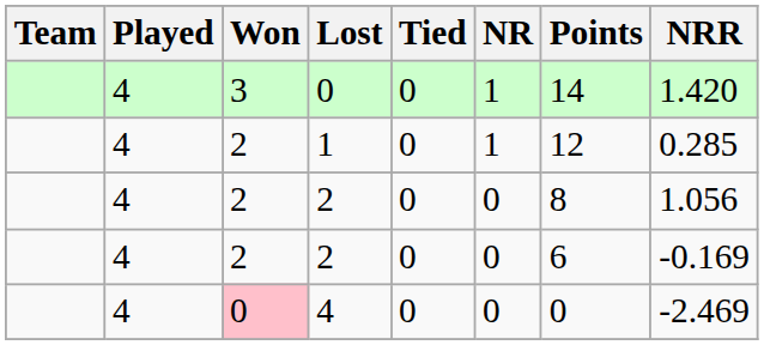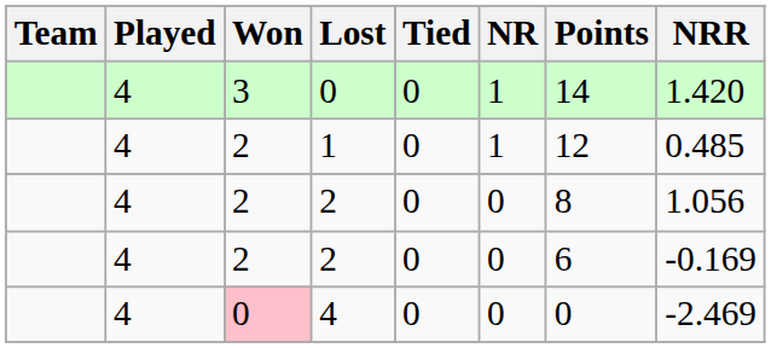 <table class="wikitable">
 <tr>
 <th>Team</th>
 <th>Played</th>
 <th>Won</th>
 <th>Lost</th>
 <th>Tied</th>
 <th>NR</th>
 <th>Points</th>
 <th>NRR</th>
 </tr>
 <tr style="background:#ccffcc">
 <td></td>
 <td>4</td>
 <td>3</td>
 <td>0</td>
 <td>0</td>
 <td>1</td>
 <td>14</td>
 <td>1.420</td>
 </tr>
 <tr>
 <td></td>
 <td>4</td>
 <td>2</td>
 <td>1</td>
 <td>0</td>
 <td>1</td>
 <td>12</td>
-<td>0.285</td>
+<td>0.485</td>
 </tr>
 <tr>
 <td></td>
 <td>4</td>
 <td>2</td>
 <td>2</td>
 <td>0</td>
 <td>0</td>
 <td>8</td>
 <td>1.056</td>
 </tr>
 <tr>
 <td></td>
 <td>4</td>
 <td>2</td>
 <td>2</td>
 <td>0</td>
 <td>0</td>
 <td>6</td>
 <td>-0.169</td>
 </tr>
 <tr>
 <td></td>
 <td>4</td>
 <td style="background: pink;">0</td>
 <td>4</td>
 <td>0</td>
 <td>0</td>
 <td>0</td>
 <td>-2.469</td>
 </tr>
 </table>
